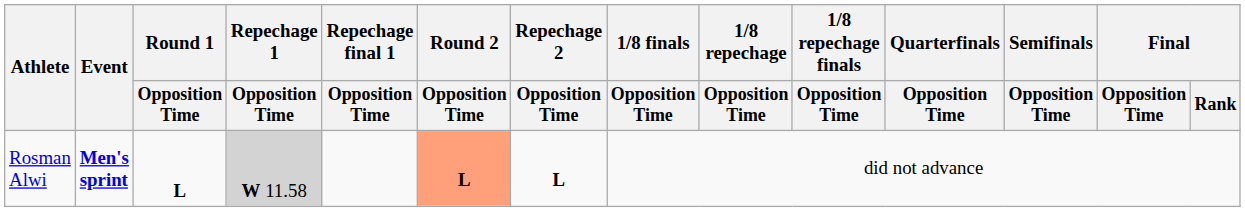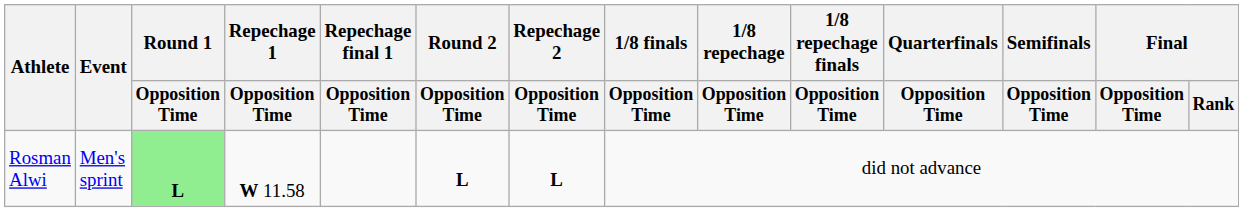 <table class="wikitable" style="font-size:90%;">
 <tr>
 <th rowspan=2>Athlete</th>
 <th rowspan=2>Event</th>
 <th>Round 1</th>
 <th>Repechage 1</th>
 <th>Repechage final 1</th>
 <th>Round 2</th>
 <th>Repechage 2</th>
 <th>1/8 finals</th>
 <th>1/8 repechage</th>
 <th>1/8 repechage finals</th>
 <th>Quarterfinals</th>
 <th>Semifinals</th>
 <th colspan=2>Final</th>
 </tr>
 <tr style="font-size:95%">
 <th>Opposition<br>Time</th>
 <th>Opposition<br>Time</th>
 <th>Opposition<br>Time</th>
 <th>Opposition<br>Time</th>
 <th>Opposition<br>Time</th>
 <th>Opposition<br>Time</th>
 <th>Opposition<br>Time</th>
 <th>Opposition<br>Time</th>
 <th>Opposition<br>Time</th>
 <th>Opposition<br>Time</th>
 <th>Opposition<br>Time</th>
 <th>Rank</th>
 </tr>
 <tr align=center>
 <td align=left><a href='#'>Rosman Alwi</a></td>
-<td align=left><strong><a href='#'>Men's sprint</a></strong></td>
-<td><br><br><strong>L</strong></td>
-<td style="background: lightgrey;"><br><br><strong>W</strong> 11.58</td>
+<td align=left><a href='#'>Men's sprint</a></td>
+<td style="background: lightgreen;"><br><br><strong>L</strong></td>
+<td><br><br><strong>W</strong> 11.58</td>
 <td></td>
-<td style="background: lightsalmon;"><br><strong>L</strong></td>
+<td><br><strong>L</strong></td>
 <td><br><strong>L</strong></td>
 <td colspan=9>did not advance</td>
 </tr>
 </table>
